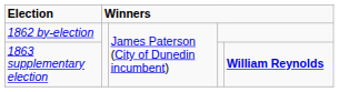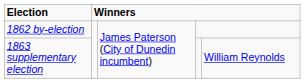 <table class="wikitable" width=72%>
 <tr>
 <td width=19%><strong>Election</strong></td>
 <td width=81% colspan=4><strong>Winners</strong></td>
 </tr>
 <tr>
 <td><span><em><a href='#'>1862 by-election</a></em></span></td>
 <td width=1% rowspan=2 bgcolor=></td>
 <td width=27% rowspan=2><a href='#'>James Paterson</a><br>(<a href='#'>City of Dunedin incumbent</a>)</td>
 <td colspan=2></td>
 </tr>
 <tr>
 <td><span><em><a href='#'>1863 supplementary election</a></em></span></td>
 <td width=1% rowspan=1 bgcolor=></td>
-<td width=27% rowspan=1><strong><a href='#'>William Reynolds</a></strong></td>
+<td width=27% rowspan=1><a href='#'>William Reynolds</a></td>
 </tr>
 </table>
